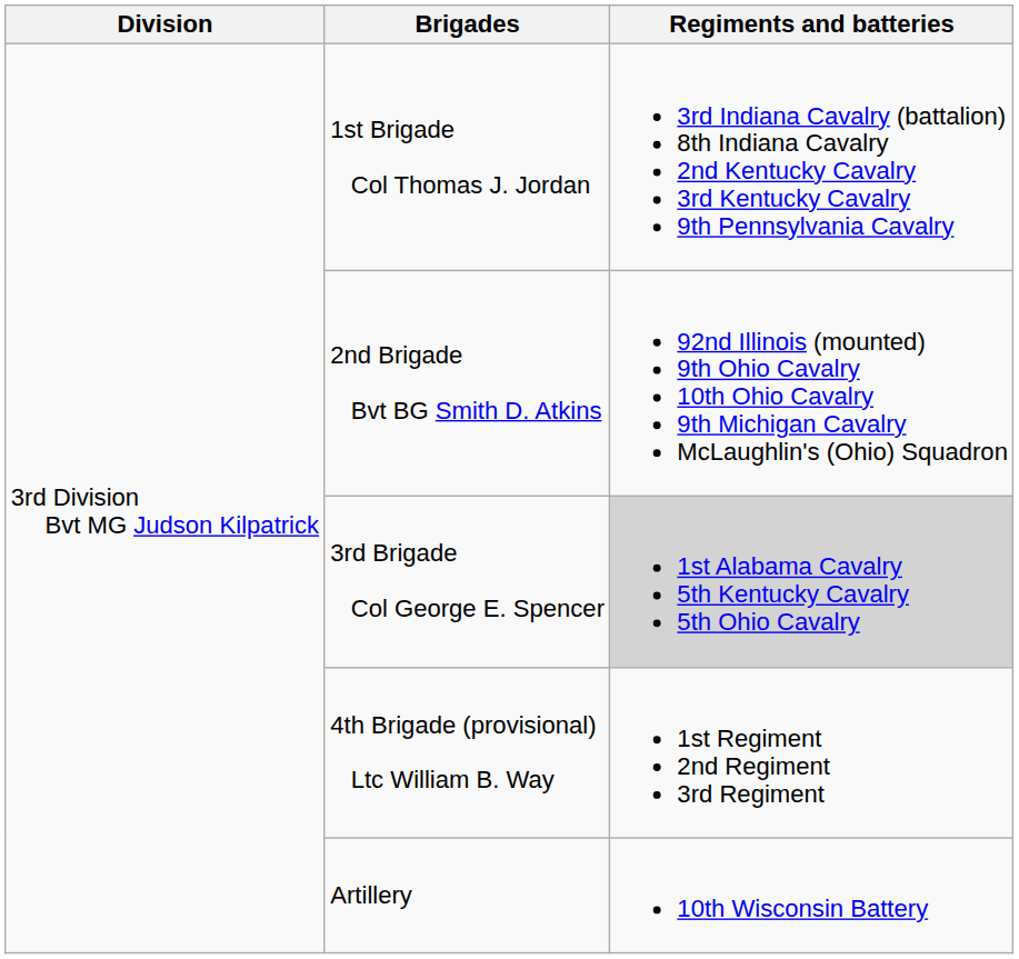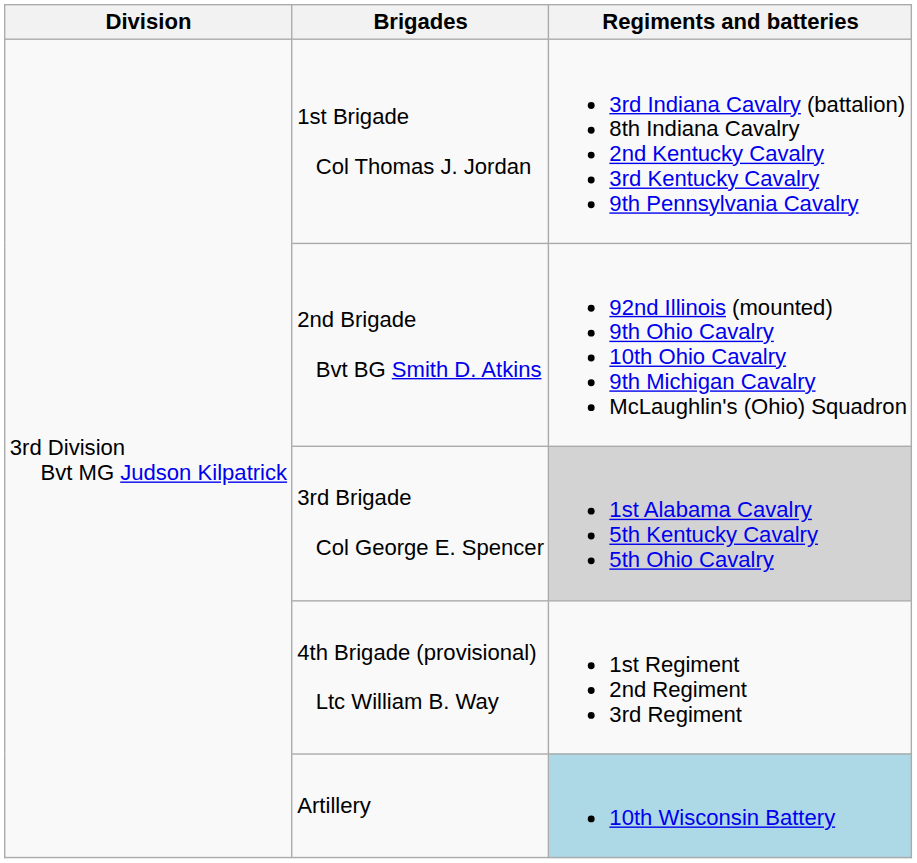 <table class="wikitable">
 <tr>
 <th><strong>Division</strong></th>
 <th><strong>Brigades</strong></th>
 <th><strong>Regiments and batteries</strong></th>
 </tr>
 <tr>
 <td rowspan=5><br>3rd Division <br>     Bvt MG <a href='#'>Judson Kilpatrick</a></td>
 <td>1st Brigade<br><br>   Col Thomas J. Jordan</td>
 <td><br><ul><li><a href='#'>3rd Indiana Cavalry</a> (battalion)</li><li>8th Indiana Cavalry</li><li><a href='#'>2nd Kentucky Cavalry</a></li><li><a href='#'>3rd Kentucky Cavalry</a></li><li><a href='#'>9th Pennsylvania Cavalry</a></li></ul></td>
 </tr>
 <tr>
 <td>2nd Brigade<br><br>   Bvt BG <a href='#'>Smith D. Atkins</a></td>
 <td><br><ul><li><a href='#'>92nd Illinois</a> (mounted)</li><li><a href='#'>9th Ohio Cavalry</a></li><li><a href='#'>10th Ohio Cavalry</a></li><li><a href='#'>9th Michigan Cavalry</a></li><li>McLaughlin's (Ohio) Squadron</li></ul></td>
 </tr>
 <tr>
 <td>3rd Brigade<br><br>   Col George E. Spencer</td>
 <td style="background: lightgrey;"><br><ul><li><a href='#'>1st Alabama Cavalry</a></li><li><a href='#'>5th Kentucky Cavalry</a></li><li><a href='#'>5th Ohio Cavalry</a></li></ul></td>
 </tr>
 <tr>
 <td>4th Brigade (provisional)<br><br>   Ltc William B. Way</td>
 <td><br><ul><li>1st Regiment</li><li>2nd Regiment</li><li>3rd Regiment</li></ul></td>
 </tr>
 <tr>
 <td>Artillery</td>
-<td><br><ul><li><a href='#'>10th Wisconsin Battery</a></li></ul></td>
+<td style="background: lightblue;"><br><ul><li><a href='#'>10th Wisconsin Battery</a></li></ul></td>
 </tr>
 </table>
